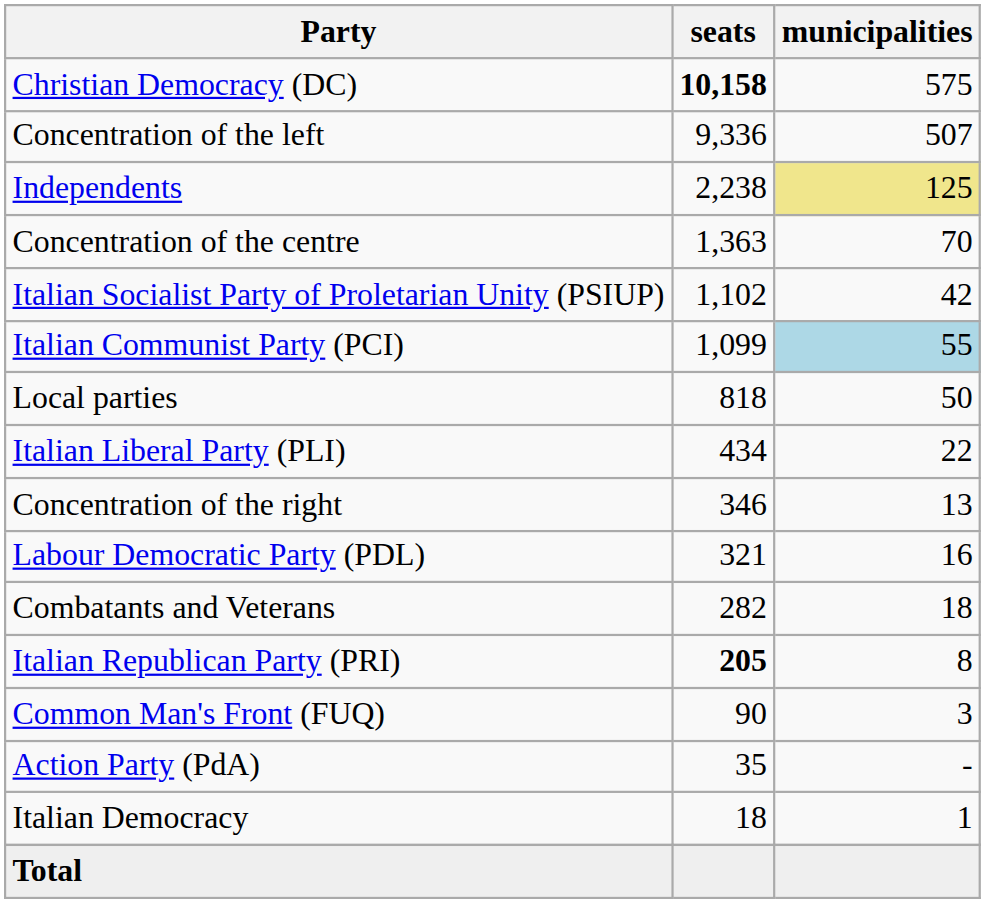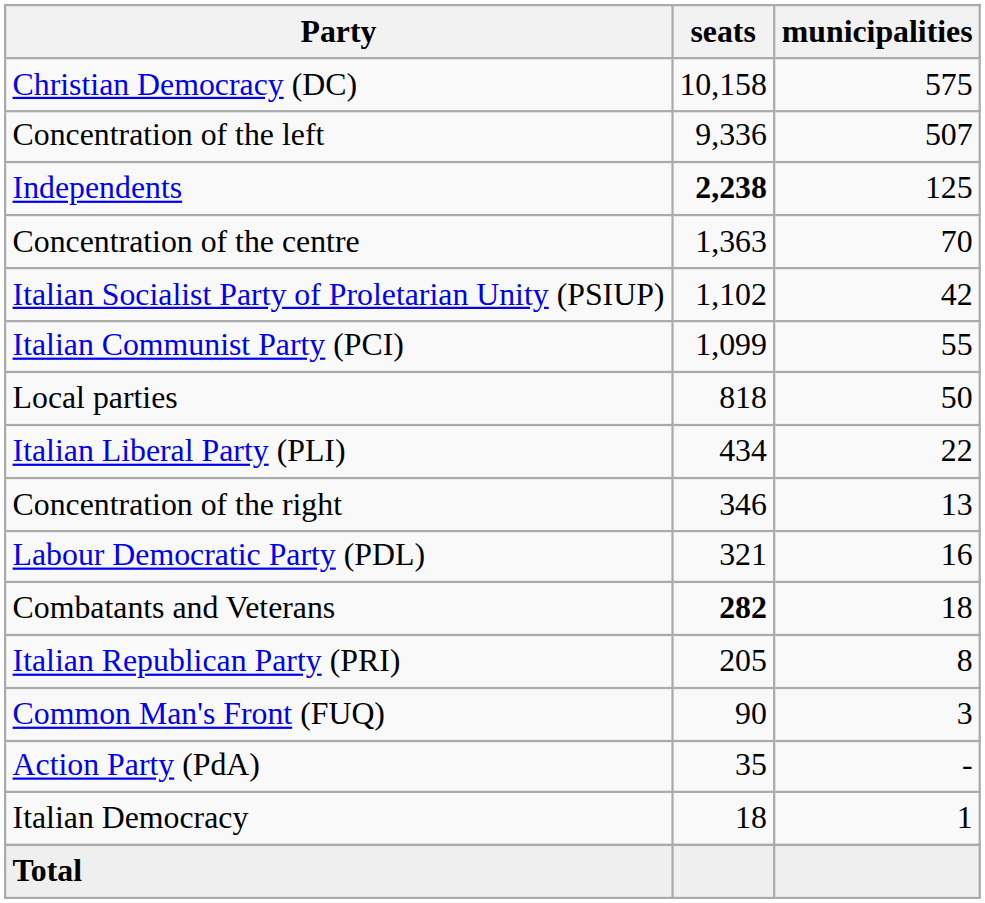 <table class="wikitable" style="font-size: 90%;">
 <tr bgcolor="EFEFEF">
 <th>Party</th>
 <th>seats</th>
 <th>municipalities</th>
 </tr>
 <tr>
 <td><a href='#'>Christian Democracy</a> (DC)</td>
-<td align=right><strong>10,158</strong></td>
+<td align=right>10,158</td>
 <td align=right>575</td>
 </tr>
 <tr>
 <td>Concentration of the left</td>
 <td align=right>9,336</td>
 <td align=right>507</td>
 </tr>
 <tr>
 <td><a href='#'>Independents</a></td>
-<td align=right>2,238</td>
-<td align=right style="background: khaki;">125</td>
+<td align=right><strong>2,238</strong></td>
+<td align=right>125</td>
 </tr>
 <tr>
 <td>Concentration of the centre</td>
 <td align=right>1,363</td>
 <td align=right>70</td>
 </tr>
 <tr>
 <td><a href='#'>Italian Socialist Party of Proletarian Unity</a> (PSIUP)</td>
 <td align=right>1,102</td>
 <td align=right>42</td>
 </tr>
 <tr>
 <td><a href='#'>Italian Communist Party</a> (PCI)</td>
 <td align=right>1,099</td>
-<td align=right style="background: lightblue;">55</td>
+<td align=right>55</td>
 </tr>
 <tr>
 <td>Local parties</td>
 <td align=right>818</td>
 <td align=right>50</td>
 </tr>
 <tr>
 <td><a href='#'>Italian Liberal Party</a> (PLI)</td>
 <td align=right>434</td>
 <td align=right>22</td>
 </tr>
 <tr>
 <td>Concentration of the right</td>
 <td align=right>346</td>
 <td align=right>13</td>
 </tr>
 <tr>
 <td><a href='#'>Labour Democratic Party</a> (PDL)</td>
 <td align=right>321</td>
 <td align=right>16</td>
 </tr>
 <tr>
 <td>Combatants and Veterans</td>
-<td align=right>282</td>
+<td align=right><strong>282</strong></td>
 <td align=right>18</td>
 </tr>
 <tr>
 <td><a href='#'>Italian Republican Party</a> (PRI)</td>
-<td align=right><strong>205</strong></td>
+<td align=right>205</td>
 <td align=right>8</td>
 </tr>
 <tr>
 <td><a href='#'>Common Man's Front</a> (FUQ)</td>
 <td align=right>90</td>
 <td align=right>3</td>
 </tr>
 <tr>
 <td><a href='#'>Action Party</a> (PdA)</td>
 <td align=right>35</td>
 <td align=right>-</td>
 </tr>
 <tr>
 <td>Italian Democracy</td>
 <td align=right>18</td>
 <td align=right>1</td>
 </tr>
 <tr>
 </tr>
 <tr bgcolor="EFEFEF">
 <td align=left><strong>Total</strong></td>
 <td align=right></td>
 <td align=right></td>
 </tr>
 </table>
